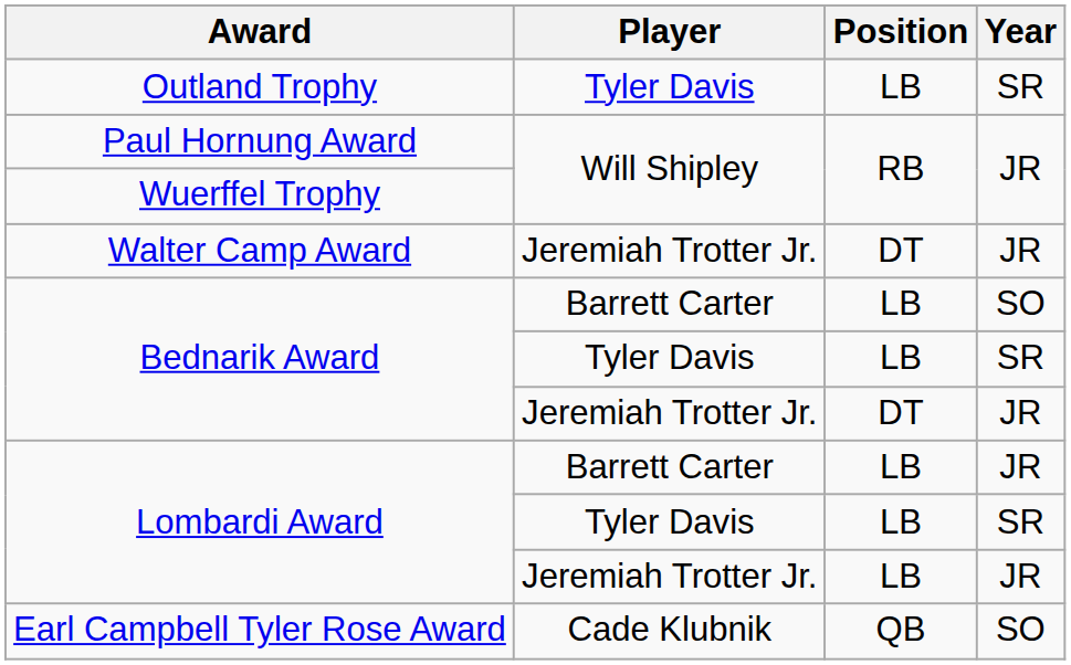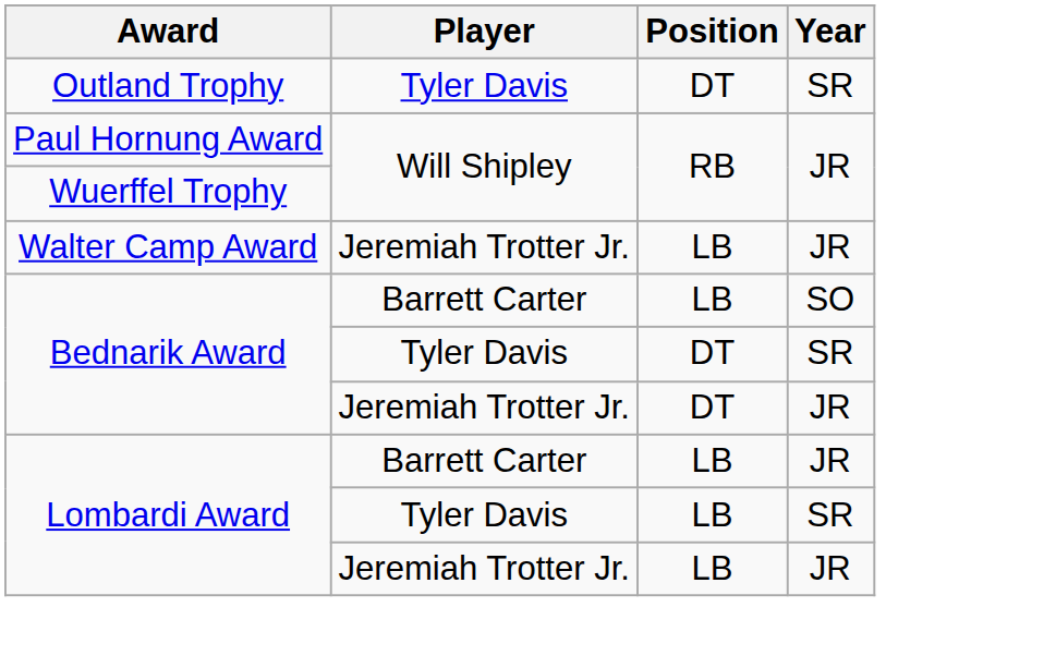 <table class="wikitable" style="text-align:center;">
 <tr>
 <th>Award</th>
 <th>Player</th>
 <th>Position</th>
 <th>Year</th>
 </tr>
 <tr>
 <td><a href='#'>Outland Trophy</a></td>
 <td><a href='#'>Tyler Davis</a></td>
-<td>LB</td>
+<td>DT</td>
 <td>SR</td>
 </tr>
 <tr>
 <td><a href='#'>Paul Hornung Award</a></td>
 <td rowspan=2>Will Shipley</td>
 <td rowspan=2>RB</td>
 <td rowspan=2>JR</td>
 </tr>
 <tr>
 <td><a href='#'>Wuerffel Trophy</a></td>
 </tr>
 <tr>
 <td><a href='#'>Walter Camp Award</a></td>
 <td>Jeremiah Trotter Jr.</td>
-<td>DT</td>
+<td>LB</td>
 <td>JR</td>
 </tr>
 <tr>
 <td rowspan=3><a href='#'>Bednarik Award</a></td>
 <td>Barrett Carter</td>
 <td>LB</td>
 <td>SO</td>
 </tr>
 <tr>
 <td>Tyler Davis</td>
-<td>LB</td>
+<td>DT</td>
 <td>SR</td>
 </tr>
 <tr>
 <td>Jeremiah Trotter Jr.</td>
 <td>DT</td>
 <td>JR</td>
 </tr>
 <tr>
 <td rowspan=3><a href='#'>Lombardi Award</a></td>
 <td>Barrett Carter</td>
 <td>LB</td>
 <td>JR</td>
 </tr>
 <tr>
 <td>Tyler Davis</td>
 <td>LB</td>
 <td>SR</td>
 </tr>
 <tr>
 <td>Jeremiah Trotter Jr.</td>
 <td>LB</td>
 <td>JR</td>
 </tr>
-<tr>
-<td><a href='#'>Earl Campbell Tyler Rose Award</a></td>
-<td>Cade Klubnik</td>
-<td>QB</td>
-<td>SO</td>
-</tr>
 </table>
